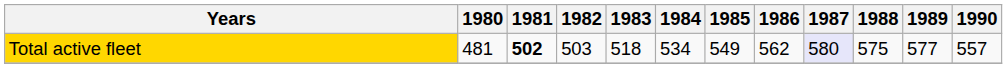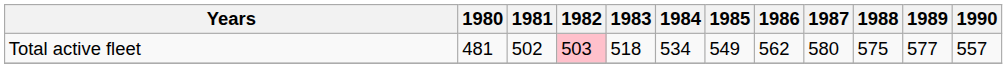 <table class="wikitable">
 <tr>
 <th style="width:47%;">Years</th>
 <th>1980</th>
 <th>1981</th>
 <th>1982</th>
 <th>1983</th>
 <th>1984</th>
 <th>1985</th>
 <th>1986</th>
 <th>1987</th>
 <th>1988</th>
 <th>1989</th>
 <th>1990</th>
 </tr>
 <tr valign="top">
-<td style="background: gold;">Total active fleet</td>
+<td>Total active fleet</td>
 <td>481</td>
-<td><strong>502</strong></td>
-<td>503</td>
+<td>502</td>
+<td style="background: pink;">503</td>
 <td>518</td>
 <td>534</td>
 <td>549</td>
 <td>562</td>
-<td style="background: lavender;">580</td>
+<td>580</td>
 <td>575</td>
 <td>577</td>
 <td>557</td>
 </tr>
 <tr>
 </tr>
 </table>
